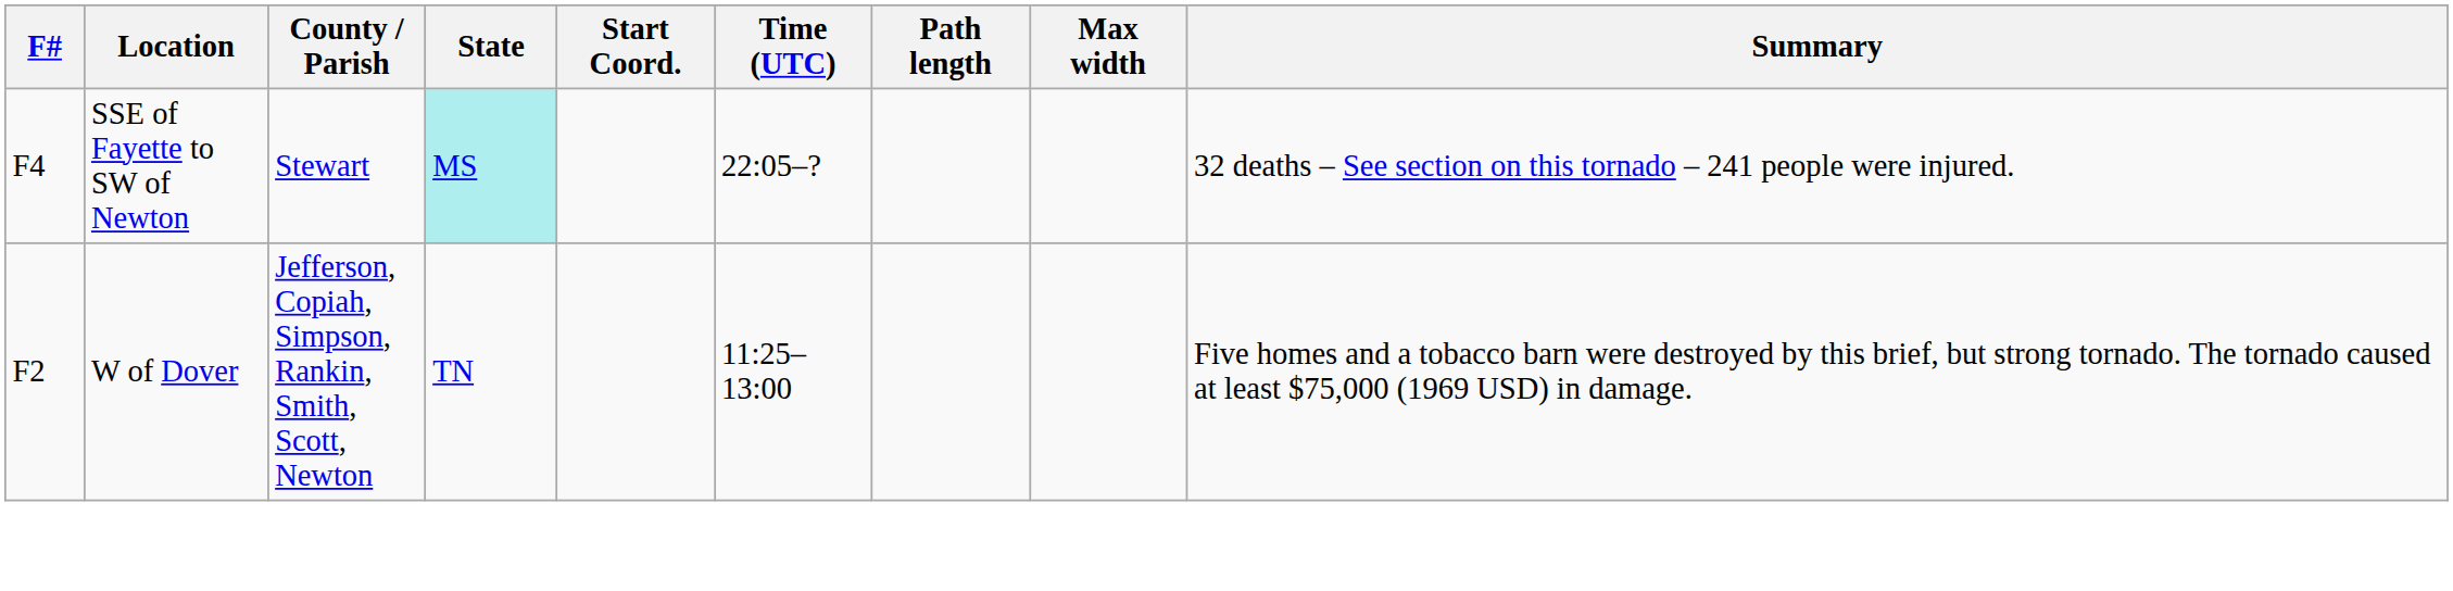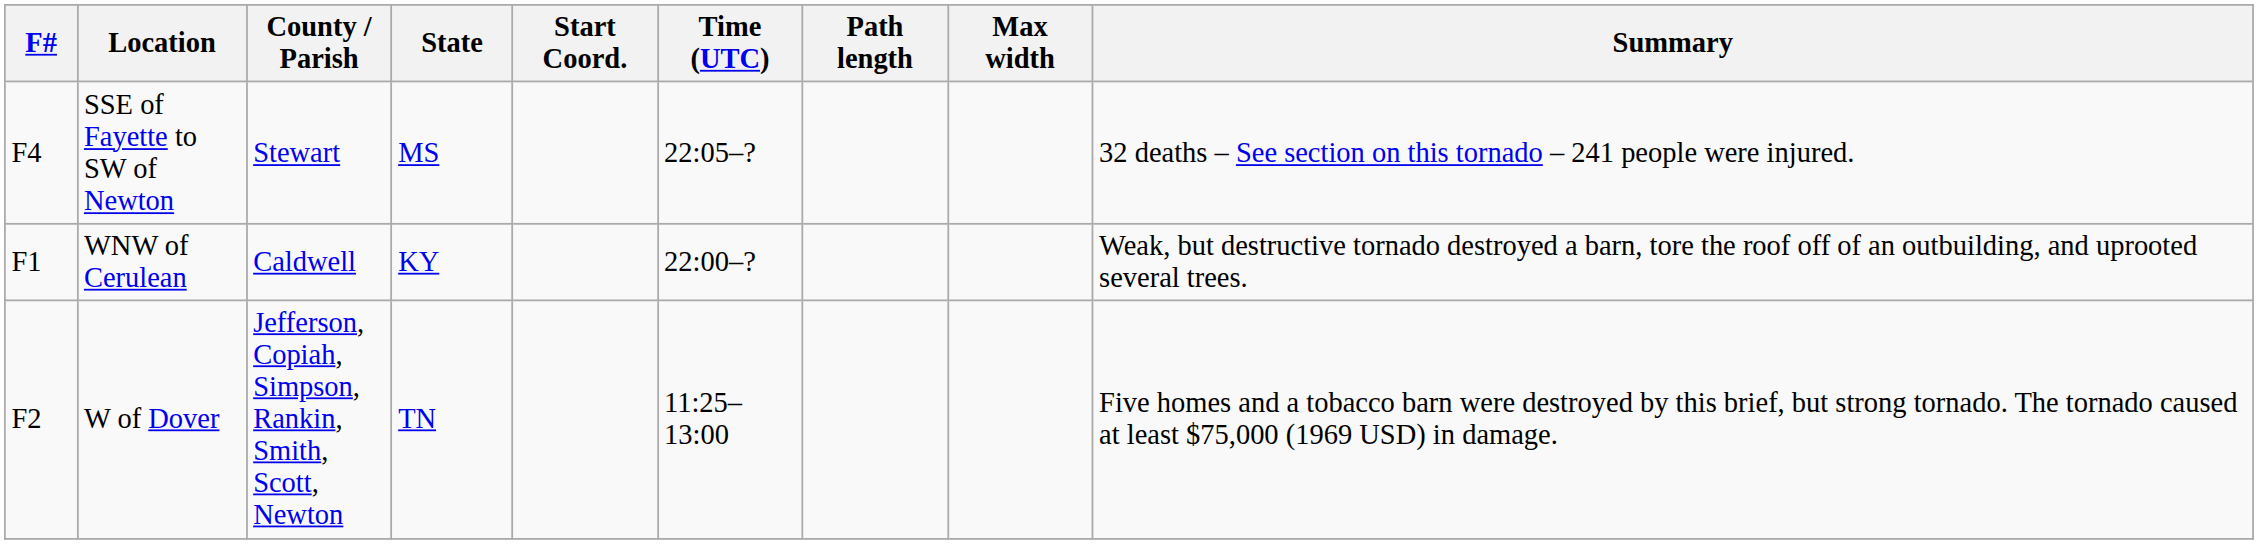 <table class="wikitable sortable" style="width:100%;">
 <tr>
 <th scope="col"  style="width:3%; text-align:center;"><a href='#'>F#</a></th>
 <th scope="col"  style="width:7%; text-align:center;" class="unsortable">Location</th>
 <th scope="col"  style="width:6%; text-align:center;" class="unsortable">County / Parish</th>
 <th scope="col"  style="width:5%; text-align:center;">State</th>
 <th scope="col"  style="width:6%; text-align:center;">Start Coord.</th>
 <th scope="col"  style="width:6%; text-align:center;">Time (<a href='#'>UTC</a>)</th>
 <th scope="col"  style="width:6%; text-align:center;">Path length</th>
 <th scope="col"  style="width:6%; text-align:center;">Max width</th>
 <th scope="col" class="unsortable" style="width:48%; text-align:center;">Summary</th>
 </tr>
 <tr>
 <td>F4</td>
 <td>SSE of <a href='#'>Fayette</a> to SW of <a href='#'>Newton</a></td>
 <td><a href='#'>Stewart</a></td>
-<td style="background: paleturquoise;"><a href='#'>MS</a></td>
+<td><a href='#'>MS</a></td>
 <td></td>
 <td>22:05–?</td>
 <td></td>
 <td></td>
 <td>32 deaths – <a href='#'>See section on this tornado</a> – 241 people were injured.</td>
+</tr>
+<tr>
+<td>F1</td>
+<td>WNW of <a href='#'>Cerulean</a></td>
+<td><a href='#'>Caldwell</a></td>
+<td><a href='#'>KY</a></td>
+<td></td>
+<td>22:00–?</td>
+<td></td>
+<td></td>
+<td>Weak, but destructive tornado destroyed a barn, tore the roof off of an outbuilding, and uprooted several trees.</td>
 </tr>
 <tr>
 <td>F2</td>
 <td>W of <a href='#'>Dover</a></td>
 <td><a href='#'>Jefferson</a>, <a href='#'>Copiah</a>, <a href='#'>Simpson</a>, <a href='#'>Rankin</a>, <a href='#'>Smith</a>, <a href='#'>Scott</a>, <a href='#'>Newton</a></td>
 <td><a href='#'>TN</a></td>
 <td></td>
 <td>11:25–13:00</td>
 <td></td>
 <td></td>
 <td>Five homes and a tobacco barn were destroyed by this brief, but strong tornado. The tornado caused at least $75,000 (1969 USD) in damage.</td>
 </tr>
 </table>
